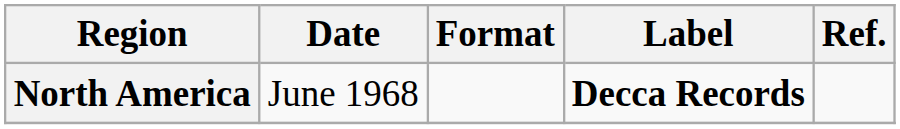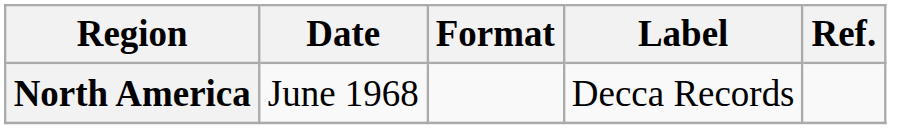 <table class="wikitable plainrowheaders">
 <tr>
 <th scope="col">Region</th>
 <th scope="col">Date</th>
 <th scope="col">Format</th>
 <th scope="col">Label</th>
 <th scope="col">Ref.</th>
 </tr>
 <tr>
 <th scope="row">North America</th>
 <td>June 1968</td>
 <td></td>
-<td><strong>Decca Records</strong></td>
+<td>Decca Records</td>
 <td></td>
 </tr>
 <tr>
 </tr>
 </table>
